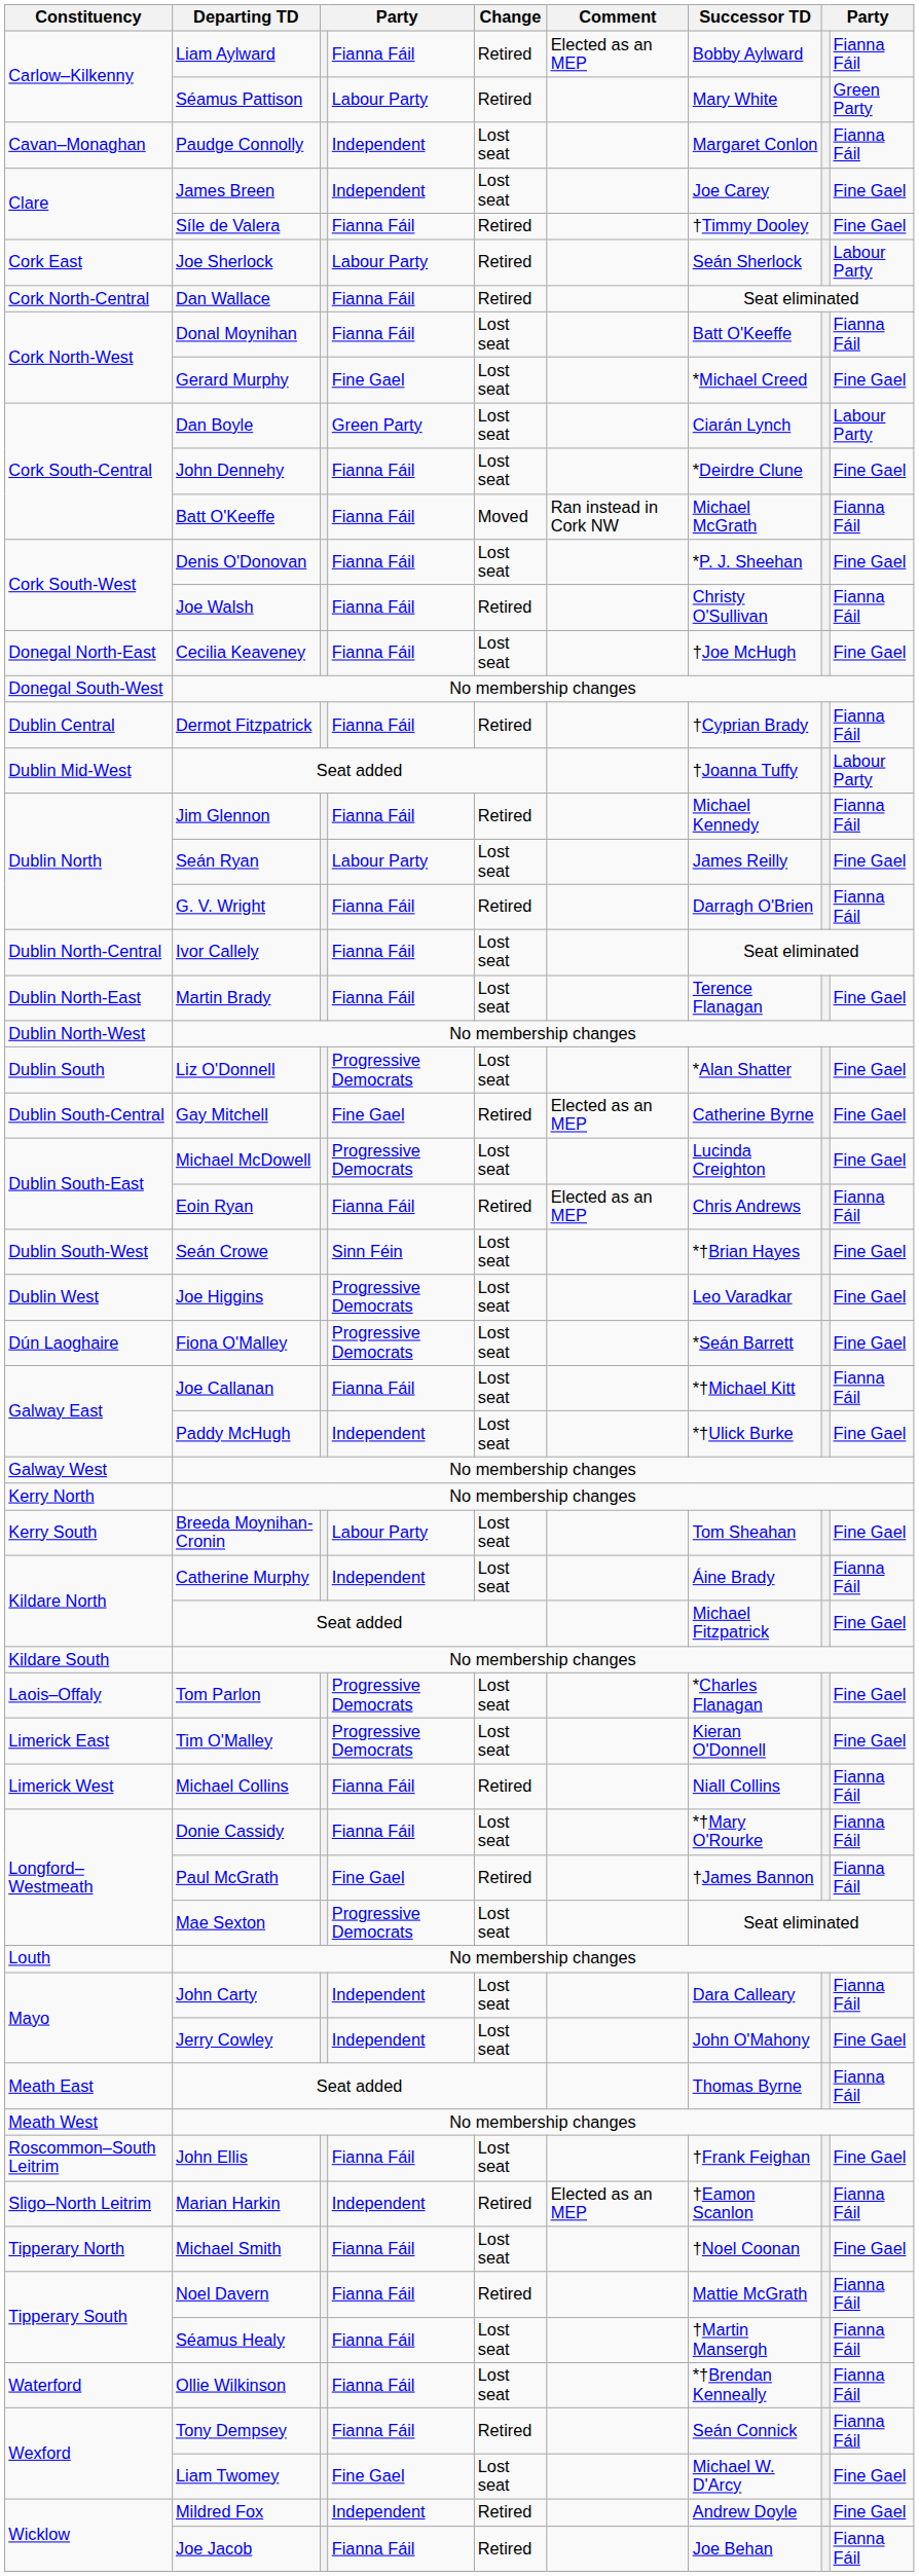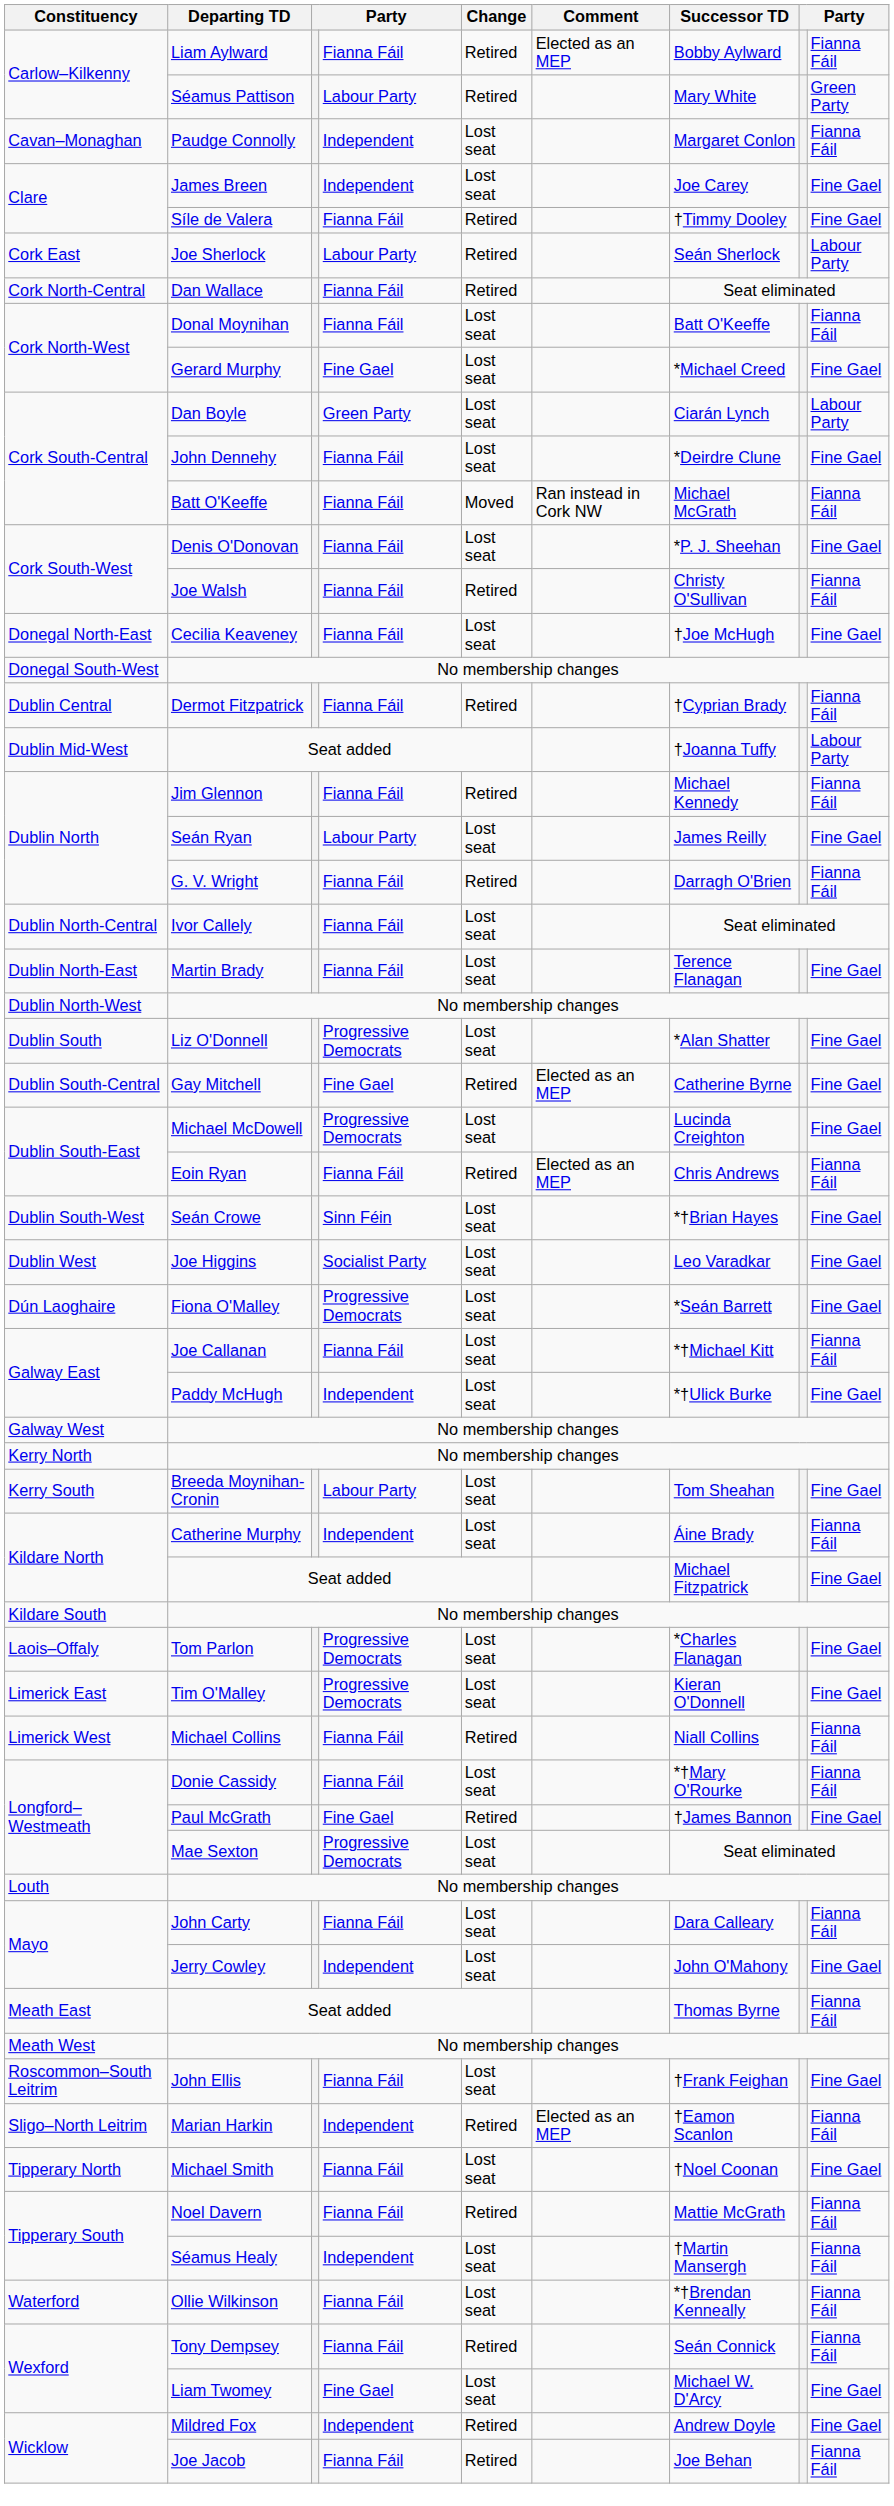 <table class="wikitable">
 <tr style="background: #efefef;">
 <th scope="col">Constituency</th>
 <th scope="col">Departing TD</th>
 <th scope="col" colspan="2">Party</th>
 <th scope="col">Change</th>
 <th scope="col">Comment</th>
 <th scope="col">Successor TD</th>
 <th scope="col" colspan="2">Party</th>
 </tr>
 <tr>
 <td rowspan=2><a href='#'>Carlow–Kilkenny</a></td>
 <td><a href='#'>Liam Aylward</a></td>
 <th style="background-color: "></th>
 <td><a href='#'>Fianna Fáil</a></td>
 <td>Retired</td>
 <td>Elected as an <a href='#'>MEP</a></td>
 <td><a href='#'>Bobby Aylward</a></td>
 <th style="background-color: "></th>
 <td><a href='#'>Fianna Fáil</a></td>
 </tr>
 <tr>
 <td><a href='#'>Séamus Pattison</a></td>
 <th style="background-color: "></th>
 <td><a href='#'>Labour Party</a></td>
 <td>Retired</td>
 <td></td>
 <td><a href='#'>Mary White</a></td>
 <th style="background-color: "></th>
 <td><a href='#'>Green Party</a></td>
 </tr>
 <tr>
 <td><a href='#'>Cavan–Monaghan</a></td>
 <td><a href='#'>Paudge Connolly</a></td>
 <th style="background-color: "></th>
 <td><a href='#'>Independent</a></td>
 <td>Lost seat</td>
 <td></td>
 <td><a href='#'>Margaret Conlon</a></td>
 <th style="background-color: "></th>
 <td><a href='#'>Fianna Fáil</a></td>
 </tr>
 <tr>
 <td rowspan=2><a href='#'>Clare</a></td>
 <td><a href='#'>James Breen</a></td>
 <th style="background-color: "></th>
 <td><a href='#'>Independent</a></td>
 <td>Lost seat</td>
 <td></td>
 <td><a href='#'>Joe Carey</a></td>
 <th style="background-color: "></th>
 <td><a href='#'>Fine Gael</a></td>
 </tr>
 <tr>
 <td><a href='#'>Síle de Valera</a></td>
 <th style="background-color: "></th>
 <td><a href='#'>Fianna Fáil</a></td>
 <td>Retired</td>
 <td></td>
 <td>†<a href='#'>Timmy Dooley</a></td>
 <th style="background-color: "></th>
 <td><a href='#'>Fine Gael</a></td>
 </tr>
 <tr>
 <td><a href='#'>Cork East</a></td>
 <td><a href='#'>Joe Sherlock</a></td>
 <th style="background-color: "></th>
 <td><a href='#'>Labour Party</a></td>
 <td>Retired</td>
 <td></td>
 <td><a href='#'>Seán Sherlock</a></td>
 <th style="background-color: "></th>
 <td><a href='#'>Labour Party</a></td>
 </tr>
 <tr>
 <td><a href='#'>Cork North-Central</a></td>
 <td><a href='#'>Dan Wallace</a></td>
 <th style="background-color: "></th>
 <td><a href='#'>Fianna Fáil</a></td>
 <td>Retired</td>
 <td></td>
 <td colspan=3 align=center>Seat eliminated</td>
 </tr>
 <tr>
 <td rowspan=2><a href='#'>Cork North-West</a></td>
 <td><a href='#'>Donal Moynihan</a></td>
 <th style="background-color: "></th>
 <td><a href='#'>Fianna Fáil</a></td>
 <td>Lost seat</td>
 <td></td>
 <td><a href='#'>Batt O'Keeffe</a></td>
 <th style="background-color: "></th>
 <td><a href='#'>Fianna Fáil</a></td>
 </tr>
 <tr>
 <td><a href='#'>Gerard Murphy</a></td>
 <th style="background-color: "></th>
 <td><a href='#'>Fine Gael</a></td>
 <td>Lost seat</td>
 <td></td>
 <td>*<a href='#'>Michael Creed</a></td>
 <th style="background-color: "></th>
 <td><a href='#'>Fine Gael</a></td>
 </tr>
 <tr>
 <td rowspan=3><a href='#'>Cork South-Central</a></td>
 <td><a href='#'>Dan Boyle</a></td>
 <th style="background-color: "></th>
 <td><a href='#'>Green Party</a></td>
 <td>Lost seat</td>
 <td></td>
 <td><a href='#'>Ciarán Lynch</a></td>
 <th style="background-color: "></th>
 <td><a href='#'>Labour Party</a></td>
 </tr>
 <tr>
 <td><a href='#'>John Dennehy</a></td>
 <th style="background-color: "></th>
 <td><a href='#'>Fianna Fáil</a></td>
 <td>Lost seat</td>
 <td></td>
 <td>*<a href='#'>Deirdre Clune</a></td>
 <th style="background-color: "></th>
 <td><a href='#'>Fine Gael</a></td>
 </tr>
 <tr>
 <td><a href='#'>Batt O'Keeffe</a></td>
 <th style="background-color: "></th>
 <td><a href='#'>Fianna Fáil</a></td>
 <td>Moved</td>
 <td>Ran instead in Cork NW</td>
 <td><a href='#'>Michael McGrath</a></td>
 <th style="background-color: "></th>
 <td><a href='#'>Fianna Fáil</a></td>
 </tr>
 <tr>
 <td rowspan=2><a href='#'>Cork South-West</a></td>
 <td><a href='#'>Denis O'Donovan</a></td>
 <th style="background-color: "></th>
 <td><a href='#'>Fianna Fáil</a></td>
 <td>Lost seat</td>
 <td></td>
 <td>*<a href='#'>P. J. Sheehan</a></td>
 <th style="background-color: "></th>
 <td><a href='#'>Fine Gael</a></td>
 </tr>
 <tr>
 <td><a href='#'>Joe Walsh</a></td>
 <th style="background-color: "></th>
 <td><a href='#'>Fianna Fáil</a></td>
 <td>Retired</td>
 <td></td>
 <td><a href='#'>Christy O'Sullivan</a></td>
 <th style="background-color: "></th>
 <td><a href='#'>Fianna Fáil</a></td>
 </tr>
 <tr>
 <td><a href='#'>Donegal North-East</a></td>
 <td><a href='#'>Cecilia Keaveney</a></td>
 <th style="background-color: "></th>
 <td><a href='#'>Fianna Fáil</a></td>
 <td>Lost seat</td>
 <td></td>
 <td>†<a href='#'>Joe McHugh</a></td>
 <th style="background-color: "></th>
 <td><a href='#'>Fine Gael</a></td>
 </tr>
 <tr>
 <td><a href='#'>Donegal South-West</a></td>
 <td colspan=8 align=center>No membership changes</td>
 </tr>
 <tr>
 <td><a href='#'>Dublin Central</a></td>
 <td><a href='#'>Dermot Fitzpatrick</a></td>
 <th style="background-color: "></th>
 <td><a href='#'>Fianna Fáil</a></td>
 <td>Retired</td>
 <td></td>
 <td>†<a href='#'>Cyprian Brady</a></td>
 <th style="background-color: "></th>
 <td><a href='#'>Fianna Fáil</a></td>
 </tr>
 <tr>
 <td><a href='#'>Dublin Mid-West</a></td>
 <td colspan=4 align=center>Seat added</td>
 <td></td>
 <td>†<a href='#'>Joanna Tuffy</a></td>
 <th style="background-color: "></th>
 <td><a href='#'>Labour Party</a></td>
 </tr>
 <tr>
 <td rowspan=3><a href='#'>Dublin North</a></td>
 <td><a href='#'>Jim Glennon</a></td>
 <th style="background-color: "></th>
 <td><a href='#'>Fianna Fáil</a></td>
 <td>Retired</td>
 <td></td>
 <td><a href='#'>Michael Kennedy</a></td>
 <th style="background-color: "></th>
 <td><a href='#'>Fianna Fáil</a></td>
 </tr>
 <tr>
 <td><a href='#'>Seán Ryan</a></td>
 <th style="background-color: "></th>
 <td><a href='#'>Labour Party</a></td>
 <td>Lost seat</td>
 <td></td>
 <td><a href='#'>James Reilly</a></td>
 <th style="background-color: "></th>
 <td><a href='#'>Fine Gael</a></td>
 </tr>
 <tr>
 <td><a href='#'>G. V. Wright</a></td>
 <th style="background-color: "></th>
 <td><a href='#'>Fianna Fáil</a></td>
 <td>Retired</td>
 <td></td>
 <td><a href='#'>Darragh O'Brien</a></td>
 <th style="background-color: "></th>
 <td><a href='#'>Fianna Fáil</a></td>
 </tr>
 <tr>
 <td><a href='#'>Dublin North-Central</a></td>
 <td><a href='#'>Ivor Callely</a></td>
 <th style="background-color: "></th>
 <td><a href='#'>Fianna Fáil</a></td>
 <td>Lost seat</td>
 <td></td>
 <td colspan=3 align=center>Seat eliminated</td>
 </tr>
 <tr>
 <td><a href='#'>Dublin North-East</a></td>
 <td><a href='#'>Martin Brady</a></td>
 <th style="background-color: "></th>
 <td><a href='#'>Fianna Fáil</a></td>
 <td>Lost seat</td>
 <td></td>
 <td><a href='#'>Terence Flanagan</a></td>
 <th style="background-color: "></th>
 <td><a href='#'>Fine Gael</a></td>
 </tr>
 <tr>
 <td><a href='#'>Dublin North-West</a></td>
 <td colspan=8 align=center>No membership changes</td>
 </tr>
 <tr>
 <td><a href='#'>Dublin South</a></td>
 <td><a href='#'>Liz O'Donnell</a></td>
 <th style="background-color: "></th>
 <td><a href='#'>Progressive Democrats</a></td>
 <td>Lost seat</td>
 <td></td>
 <td>*<a href='#'>Alan Shatter</a></td>
 <th style="background-color: "></th>
 <td><a href='#'>Fine Gael</a></td>
 </tr>
 <tr>
 <td><a href='#'>Dublin South-Central</a></td>
 <td><a href='#'>Gay Mitchell</a></td>
 <th style="background-color: "></th>
 <td><a href='#'>Fine Gael</a></td>
 <td>Retired</td>
 <td>Elected as an <a href='#'>MEP</a></td>
 <td><a href='#'>Catherine Byrne</a></td>
 <th style="background-color: "></th>
 <td><a href='#'>Fine Gael</a></td>
 </tr>
 <tr>
 <td rowspan=2><a href='#'>Dublin South-East</a></td>
 <td><a href='#'>Michael McDowell</a></td>
 <th style="background-color: "></th>
 <td><a href='#'>Progressive Democrats</a></td>
 <td>Lost seat</td>
 <td></td>
 <td><a href='#'>Lucinda Creighton</a></td>
 <th style="background-color: "></th>
 <td><a href='#'>Fine Gael</a></td>
 </tr>
 <tr>
 <td><a href='#'>Eoin Ryan</a></td>
 <th style="background-color: "></th>
 <td><a href='#'>Fianna Fáil</a></td>
 <td>Retired</td>
 <td>Elected as an <a href='#'>MEP</a></td>
 <td><a href='#'>Chris Andrews</a></td>
 <th style="background-color: "></th>
 <td><a href='#'>Fianna Fáil</a></td>
 </tr>
 <tr>
 <td><a href='#'>Dublin South-West</a></td>
 <td><a href='#'>Seán Crowe</a></td>
 <th style="background-color: "></th>
 <td><a href='#'>Sinn Féin</a></td>
 <td>Lost seat</td>
 <td></td>
 <td>*†<a href='#'>Brian Hayes</a></td>
 <th style="background-color: "></th>
 <td><a href='#'>Fine Gael</a></td>
 </tr>
 <tr>
 <td><a href='#'>Dublin West</a></td>
 <td><a href='#'>Joe Higgins</a></td>
 <th style="background-color: "></th>
-<td><a href='#'>Progressive Democrats</a></td>
+<td><a href='#'>Socialist Party</a></td>
 <td>Lost seat</td>
 <td></td>
 <td><a href='#'>Leo Varadkar</a></td>
 <th style="background-color: "></th>
 <td><a href='#'>Fine Gael</a></td>
 </tr>
 <tr>
 <td><a href='#'>Dún Laoghaire</a></td>
 <td><a href='#'>Fiona O'Malley</a></td>
 <th style="background-color: "></th>
 <td><a href='#'>Progressive Democrats</a></td>
 <td>Lost seat</td>
 <td></td>
 <td>*<a href='#'>Seán Barrett</a></td>
 <th style="background-color: "></th>
 <td><a href='#'>Fine Gael</a></td>
 </tr>
 <tr>
 <td rowspan=2><a href='#'>Galway East</a></td>
 <td><a href='#'>Joe Callanan</a></td>
 <th style="background-color: "></th>
 <td><a href='#'>Fianna Fáil</a></td>
 <td>Lost seat</td>
 <td></td>
 <td>*†<a href='#'>Michael Kitt</a></td>
 <th style="background-color: "></th>
 <td><a href='#'>Fianna Fáil</a></td>
 </tr>
 <tr>
 <td><a href='#'>Paddy McHugh</a></td>
 <th style="background-color: "></th>
 <td><a href='#'>Independent</a></td>
 <td>Lost seat</td>
 <td></td>
 <td>*†<a href='#'>Ulick Burke</a></td>
 <th style="background-color: "></th>
 <td><a href='#'>Fine Gael</a></td>
 </tr>
 <tr>
 <td><a href='#'>Galway West</a></td>
 <td colspan=8 align=center>No membership changes</td>
 </tr>
 <tr>
 <td><a href='#'>Kerry North</a></td>
 <td colspan=8 align=center>No membership changes</td>
 </tr>
 <tr>
 <td><a href='#'>Kerry South</a></td>
 <td><a href='#'>Breeda Moynihan-Cronin</a></td>
 <th style="background-color: "></th>
 <td><a href='#'>Labour Party</a></td>
 <td>Lost seat</td>
 <td></td>
 <td><a href='#'>Tom Sheahan</a></td>
 <th style="background-color: "></th>
 <td><a href='#'>Fine Gael</a></td>
 </tr>
 <tr>
 <td rowspan=2><a href='#'>Kildare North</a></td>
 <td><a href='#'>Catherine Murphy</a></td>
 <th style="background-color: "></th>
 <td><a href='#'>Independent</a></td>
 <td>Lost seat</td>
 <td></td>
 <td><a href='#'>Áine Brady</a></td>
 <th style="background-color: "></th>
 <td><a href='#'>Fianna Fáil</a></td>
 </tr>
 <tr>
 <td colspan=4 align=center>Seat added</td>
 <td></td>
 <td><a href='#'>Michael Fitzpatrick</a></td>
 <th style="background-color: "></th>
 <td><a href='#'>Fine Gael</a></td>
 </tr>
 <tr>
 <td><a href='#'>Kildare South</a></td>
 <td colspan=8 align=center>No membership changes</td>
 </tr>
 <tr>
 <td><a href='#'>Laois–Offaly</a></td>
 <td><a href='#'>Tom Parlon</a></td>
 <th style="background-color: "></th>
 <td><a href='#'>Progressive Democrats</a></td>
 <td>Lost seat</td>
 <td></td>
 <td>*<a href='#'>Charles Flanagan</a></td>
 <th style="background-color: "></th>
 <td><a href='#'>Fine Gael</a></td>
 </tr>
 <tr>
 <td><a href='#'>Limerick East</a></td>
 <td><a href='#'>Tim O'Malley</a></td>
 <th style="background-color: "></th>
 <td><a href='#'>Progressive Democrats</a></td>
 <td>Lost seat</td>
 <td></td>
 <td><a href='#'>Kieran O'Donnell</a></td>
 <th style="background-color: "></th>
 <td><a href='#'>Fine Gael</a></td>
 </tr>
 <tr>
 <td><a href='#'>Limerick West</a></td>
 <td><a href='#'>Michael Collins</a></td>
 <th style="background-color: "></th>
 <td><a href='#'>Fianna Fáil</a></td>
 <td>Retired</td>
 <td></td>
 <td><a href='#'>Niall Collins</a></td>
 <th style="background-color: "></th>
 <td><a href='#'>Fianna Fáil</a></td>
 </tr>
 <tr>
 <td rowspan=3><a href='#'>Longford–Westmeath</a></td>
 <td><a href='#'>Donie Cassidy</a></td>
 <th style="background-color: "></th>
 <td><a href='#'>Fianna Fáil</a></td>
 <td>Lost seat</td>
 <td></td>
 <td>*†<a href='#'>Mary O'Rourke</a></td>
 <th style="background-color: "></th>
 <td><a href='#'>Fianna Fáil</a></td>
 </tr>
 <tr>
 <td><a href='#'>Paul McGrath</a></td>
 <th style="background-color: "></th>
 <td><a href='#'>Fine Gael</a></td>
 <td>Retired</td>
 <td></td>
 <td>†<a href='#'>James Bannon</a></td>
 <th style="background-color: "></th>
-<td><a href='#'>Fianna Fáil</a></td>
+<td><a href='#'>Fine Gael</a></td>
 </tr>
 <tr>
 <td><a href='#'>Mae Sexton</a></td>
 <th style="background-color: "></th>
 <td><a href='#'>Progressive Democrats</a></td>
 <td>Lost seat</td>
 <td></td>
 <td colspan=3 align=center>Seat eliminated</td>
 </tr>
 <tr>
 <td><a href='#'>Louth</a></td>
 <td colspan=8 align=center>No membership changes</td>
 </tr>
 <tr>
 <td rowspan=2><a href='#'>Mayo</a></td>
 <td><a href='#'>John Carty</a></td>
 <th style="background-color: "></th>
-<td><a href='#'>Independent</a></td>
+<td><a href='#'>Fianna Fáil</a></td>
 <td>Lost seat</td>
 <td></td>
 <td><a href='#'>Dara Calleary</a></td>
 <th style="background-color: "></th>
 <td><a href='#'>Fianna Fáil</a></td>
 </tr>
 <tr>
 <td><a href='#'>Jerry Cowley</a></td>
 <th style="background-color: "></th>
 <td><a href='#'>Independent</a></td>
 <td>Lost seat</td>
 <td></td>
 <td><a href='#'>John O'Mahony</a></td>
 <th style="background-color: "></th>
 <td><a href='#'>Fine Gael</a></td>
 </tr>
 <tr>
 <td><a href='#'>Meath East</a></td>
 <td colspan=4 align=center>Seat added</td>
 <td></td>
 <td><a href='#'>Thomas Byrne</a></td>
 <th style="background-color: "></th>
 <td><a href='#'>Fianna Fáil</a></td>
 </tr>
 <tr>
 <td><a href='#'>Meath West</a></td>
 <td colspan=8 align=center>No membership changes</td>
 </tr>
 <tr>
 <td><a href='#'>Roscommon–South Leitrim</a></td>
 <td><a href='#'>John Ellis</a></td>
 <th style="background-color: "></th>
 <td><a href='#'>Fianna Fáil</a></td>
 <td>Lost seat</td>
 <td></td>
 <td>†<a href='#'>Frank Feighan</a></td>
 <th style="background-color: "></th>
 <td><a href='#'>Fine Gael</a></td>
 </tr>
 <tr>
 <td><a href='#'>Sligo–North Leitrim</a></td>
 <td><a href='#'>Marian Harkin</a></td>
 <th style="background-color: "></th>
 <td><a href='#'>Independent</a></td>
 <td>Retired</td>
 <td>Elected as an <a href='#'>MEP</a></td>
 <td>†<a href='#'>Eamon Scanlon</a></td>
 <th style="background-color: "></th>
 <td><a href='#'>Fianna Fáil</a></td>
 </tr>
 <tr>
 <td><a href='#'>Tipperary North</a></td>
 <td><a href='#'>Michael Smith</a></td>
 <th style="background-color: "></th>
 <td><a href='#'>Fianna Fáil</a></td>
 <td>Lost seat</td>
 <td></td>
 <td>†<a href='#'>Noel Coonan</a></td>
 <th style="background-color: "></th>
 <td><a href='#'>Fine Gael</a></td>
 </tr>
 <tr>
 <td rowspan=2><a href='#'>Tipperary South</a></td>
 <td><a href='#'>Noel Davern</a></td>
 <th style="background-color: "></th>
 <td><a href='#'>Fianna Fáil</a></td>
 <td>Retired</td>
 <td></td>
 <td><a href='#'>Mattie McGrath</a></td>
 <th style="background-color: "></th>
 <td><a href='#'>Fianna Fáil</a></td>
 </tr>
 <tr>
 <td><a href='#'>Séamus Healy</a></td>
 <th style="background-color: "></th>
-<td><a href='#'>Fianna Fáil</a></td>
+<td><a href='#'>Independent</a></td>
 <td>Lost seat</td>
 <td></td>
 <td>†<a href='#'>Martin Mansergh</a></td>
 <th style="background-color: "></th>
 <td><a href='#'>Fianna Fáil</a></td>
 </tr>
 <tr>
 <td><a href='#'>Waterford</a></td>
 <td><a href='#'>Ollie Wilkinson</a></td>
 <th style="background-color: "></th>
 <td><a href='#'>Fianna Fáil</a></td>
 <td>Lost seat</td>
 <td></td>
 <td>*†<a href='#'>Brendan Kenneally</a></td>
 <th style="background-color: "></th>
 <td><a href='#'>Fianna Fáil</a></td>
 </tr>
 <tr>
 <td rowspan=2><a href='#'>Wexford</a></td>
 <td><a href='#'>Tony Dempsey</a></td>
 <th style="background-color: "></th>
 <td><a href='#'>Fianna Fáil</a></td>
 <td>Retired</td>
 <td></td>
 <td><a href='#'>Seán Connick</a></td>
 <th style="background-color: "></th>
 <td><a href='#'>Fianna Fáil</a></td>
 </tr>
 <tr>
 <td><a href='#'>Liam Twomey</a></td>
 <th style="background-color: "></th>
 <td><a href='#'>Fine Gael</a></td>
 <td>Lost seat</td>
 <td></td>
 <td><a href='#'>Michael W. D'Arcy</a></td>
 <th style="background-color: "></th>
 <td><a href='#'>Fine Gael</a></td>
 </tr>
 <tr>
 <td rowspan=2><a href='#'>Wicklow</a></td>
 <td><a href='#'>Mildred Fox</a></td>
 <th style="background-color: "></th>
 <td><a href='#'>Independent</a></td>
 <td>Retired</td>
 <td></td>
 <td><a href='#'>Andrew Doyle</a></td>
 <th style="background-color: "></th>
 <td><a href='#'>Fine Gael</a></td>
 </tr>
 <tr>
 <td><a href='#'>Joe Jacob</a></td>
 <th style="background-color: "></th>
 <td><a href='#'>Fianna Fáil</a></td>
 <td>Retired</td>
 <td></td>
 <td><a href='#'>Joe Behan</a></td>
 <th style="background-color: "></th>
 <td><a href='#'>Fianna Fáil</a></td>
 </tr>
 </table>
